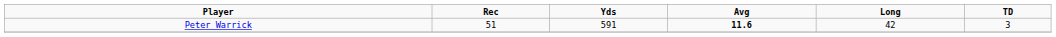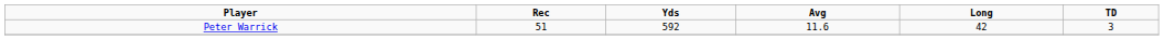 <table class="wikitable" width="80%">
 <tr align="center">
 <td><strong>Player</strong></td>
 <td><strong>Rec</strong></td>
 <td><strong>Yds</strong></td>
 <td><strong>Avg</strong></td>
 <td><strong>Long</strong></td>
 <td><strong>TD</strong></td>
 </tr>
 <tr align="center" bgcolor="">
 <td><a href='#'>Peter Warrick</a></td>
 <td>51</td>
-<td>591</td>
-<td><strong>11.6</strong></td>
+<td>592</td>
+<td>11.6</td>
 <td>42</td>
 <td>3</td>
 </tr>
 <tr align="center" bgcolor="">
 </tr>
 </table>
